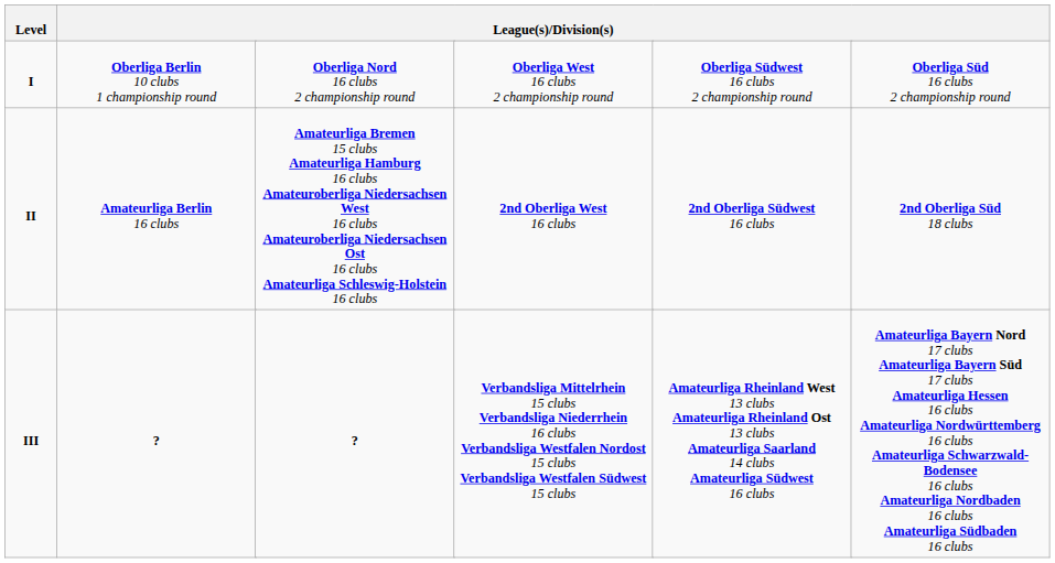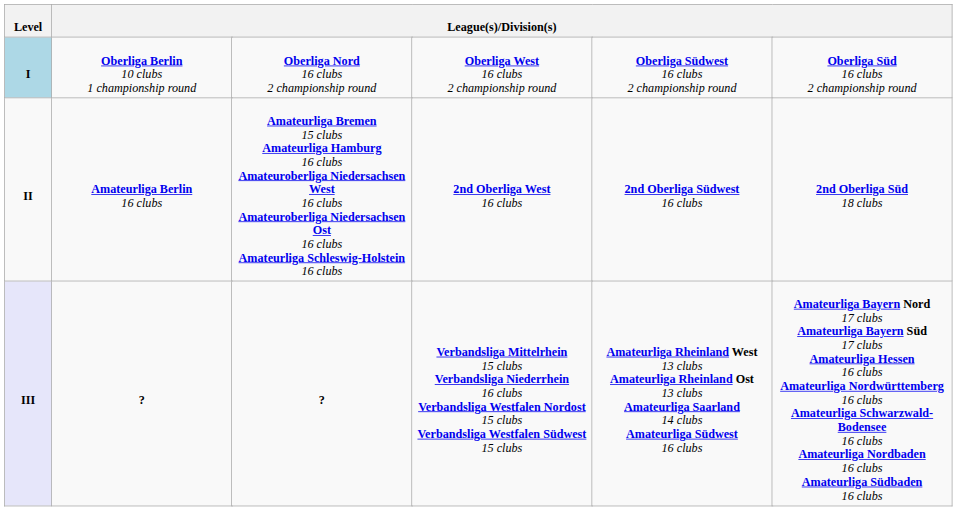 <table class="wikitable" style="text-align: center;">
 <tr>
 <th colspan="1" width="4%"><br>Level</th>
 <th colspan="10" width="96%"><br>League(s)/Division(s)</th>
 </tr>
 <tr>
-<td colspan="1" width="5%"><br><strong>I</strong></td>
+<td colspan="1" width="5%" style="background: lightblue;"><br><strong>I</strong></td>
 <td colspan="2" width="19%"><br><strong><a href='#'>Oberliga Berlin</a></strong><br> <em>10 clubs</em><br> <em>1 championship round</em><br></td>
 <td colspan="2" width="19%"><br><strong><a href='#'>Oberliga Nord</a></strong><br> <em>16 clubs</em><br> <em>2 championship round</em><br></td>
 <td colspan="2" width="19%"><br><strong><a href='#'>Oberliga West</a></strong><br> <em>16 clubs</em><br> <em>2 championship round</em><br></td>
 <td colspan="2" width="19%"><br><strong><a href='#'>Oberliga Südwest</a></strong><br> <em>16 clubs</em><br> <em>2 championship round</em><br></td>
 <td colspan="2" width="19%"><br><strong><a href='#'>Oberliga Süd</a></strong><br> <em>16 clubs</em><br> <em>2 championship round</em><br></td>
 </tr>
 <tr>
 <td colspan="1" width="5%"><br><strong>II</strong></td>
 <td colspan="2" width="19%"><br><strong><a href='#'>Amateurliga Berlin</a></strong><br> <em>16 clubs</em><br></td>
 <td colspan="2" width="19%"><br><strong><a href='#'>Amateurliga Bremen</a></strong><br> <em>15 clubs</em><br> <strong><a href='#'>Amateurliga Hamburg</a></strong><br> <em>16 clubs</em><br> <strong><a href='#'>Amateuroberliga Niedersachsen West</a></strong><br> <em>16 clubs</em><br> <strong><a href='#'>Amateuroberliga Niedersachsen Ost</a></strong><br> <em>16 clubs</em><br> <strong><a href='#'>Amateurliga Schleswig-Holstein</a></strong><br> <em>16 clubs</em><br></td>
 <td colspan="2" width="19%"><br><strong><a href='#'>2nd Oberliga West</a></strong><br> <em>16 clubs</em><br></td>
 <td colspan="2" width="19%"><br><strong><a href='#'>2nd Oberliga Südwest</a></strong><br> <em>16 clubs</em><br></td>
 <td colspan="2" width="19%"><br><strong><a href='#'>2nd Oberliga Süd</a></strong><br> <em>18 clubs</em><br></td>
 </tr>
 <tr>
-<td colspan="1" width="5%"><br><strong>III</strong></td>
+<td colspan="1" width="5%" style="background: lavender;"><br><strong>III</strong></td>
 <td colspan="2" width="19%"><br><strong>?</strong><br></td>
 <td colspan="2" width="19%"><br><strong>?</strong><br></td>
 <td colspan="2" width="19%"><br><strong><a href='#'>Verbandsliga Mittelrhein</a></strong><br> <em>15 clubs</em><br> <strong><a href='#'>Verbandsliga Niederrhein</a></strong><br> <em>16 clubs</em><br> <strong><a href='#'>Verbandsliga Westfalen Nordost</a></strong><br> <em>15 clubs</em><br> <strong><a href='#'>Verbandsliga Westfalen Südwest</a></strong><br> <em>15 clubs</em><br></td>
 <td colspan="2" width="19%"><br><strong><a href='#'>Amateurliga Rheinland</a> West</strong><br> <em>13 clubs</em><br> <strong><a href='#'>Amateurliga Rheinland</a> Ost</strong><br> <em>13 clubs</em><br> <strong><a href='#'>Amateurliga Saarland</a></strong><br> <em>14 clubs</em><br> <strong><a href='#'>Amateurliga Südwest</a></strong><br> <em>16 clubs</em><br></td>
 <td colspan="2" width="19%"><br><strong><a href='#'>Amateurliga Bayern</a> Nord</strong><br> <em>17 clubs</em><br> <strong><a href='#'>Amateurliga Bayern</a> Süd</strong><br> <em>17 clubs</em><br> <strong><a href='#'>Amateurliga Hessen</a></strong><br> <em>16 clubs</em><br> <strong><a href='#'>Amateurliga Nordwürttemberg</a></strong><br> <em>16 clubs</em><br> <strong><a href='#'>Amateurliga Schwarzwald-Bodensee</a></strong><br> <em>16 clubs</em><br> <strong><a href='#'>Amateurliga Nordbaden</a></strong><br> <em>16 clubs</em><br> <strong><a href='#'>Amateurliga Südbaden</a></strong><br> <em>16 clubs</em><br></td>
 </tr>
 </table>
